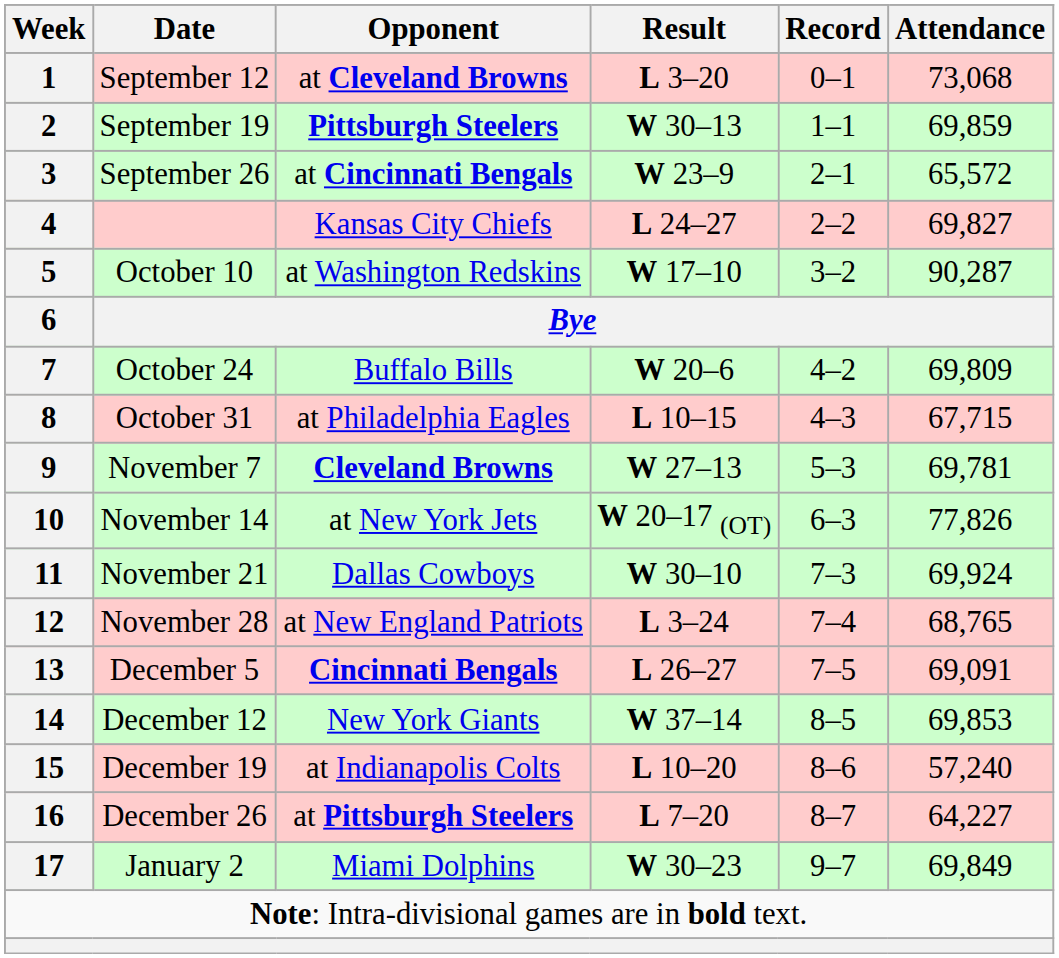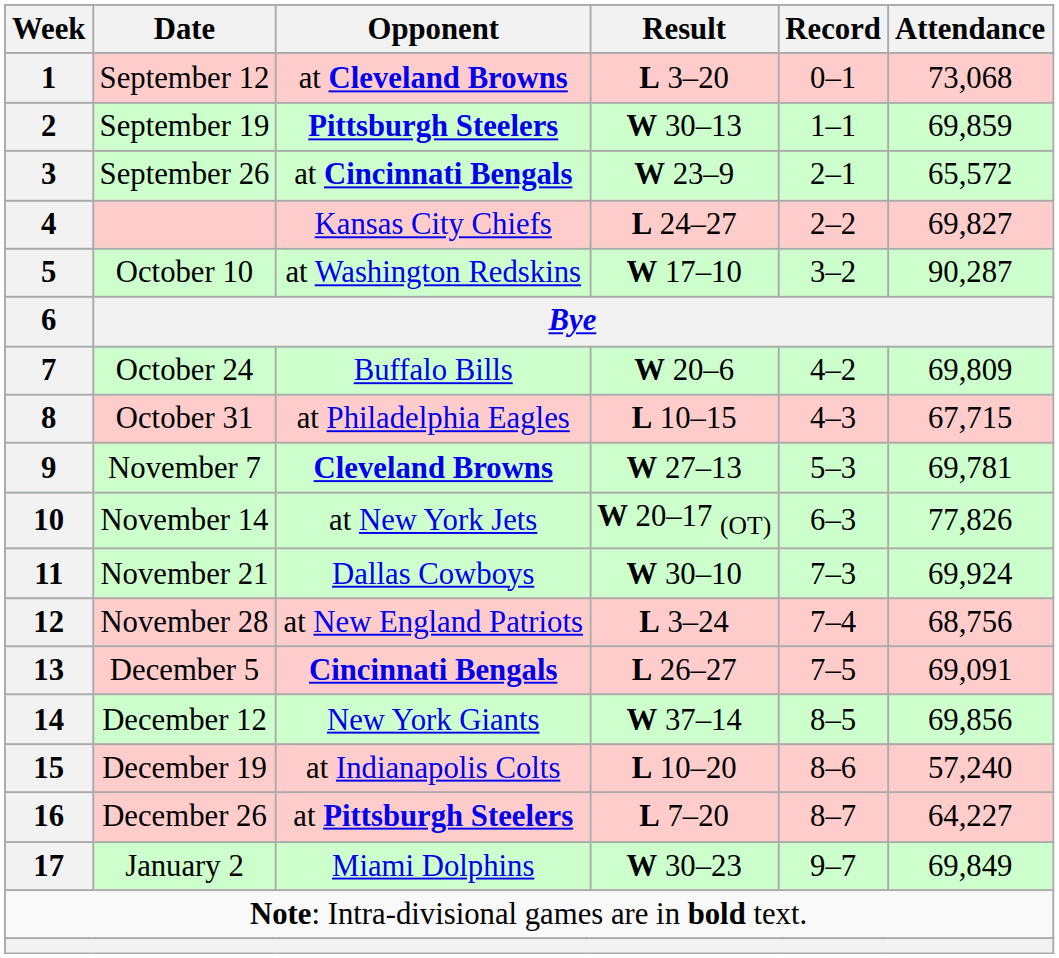 <table class="wikitable" style="text-align:center">
 <tr>
 <th>Week</th>
 <th>Date</th>
 <th>Opponent</th>
 <th>Result</th>
 <th>Record</th>
 <th>Attendance</th>
 </tr>
 <tr style="background: #fcc;">
 <th>1</th>
 <td>September 12</td>
 <td>at <strong><a href='#'>Cleveland Browns</a></strong></td>
 <td><strong>L</strong> 3–20</td>
 <td>0–1</td>
 <td>73,068</td>
 </tr>
 <tr style="background: #cfc;">
 <th>2</th>
 <td>September 19</td>
 <td><strong><a href='#'>Pittsburgh Steelers</a></strong></td>
 <td><strong>W</strong> 30–13</td>
 <td>1–1</td>
 <td>69,859</td>
 </tr>
 <tr style="background: #cfc;">
 <th>3</th>
 <td>September 26</td>
 <td>at <strong><a href='#'>Cincinnati Bengals</a></strong></td>
 <td><strong>W</strong> 23–9</td>
 <td>2–1</td>
 <td>65,572</td>
 </tr>
 <tr style="background: #fcc;">
 <th>4</th>
 <td></td>
 <td><a href='#'>Kansas City Chiefs</a></td>
 <td><strong>L</strong> 24–27</td>
 <td>2–2</td>
 <td>69,827</td>
 </tr>
 <tr style="background: #cfc;">
 <th>5</th>
 <td>October 10</td>
 <td>at <a href='#'>Washington Redskins</a></td>
 <td><strong>W</strong> 17–10</td>
 <td>3–2</td>
 <td>90,287</td>
 </tr>
 <tr>
 <th>6</th>
 <th colspan="5" align="center"><em><a href='#'>Bye</a></em></th>
 </tr>
 <tr style="background: #cfc;">
 <th>7</th>
 <td>October 24</td>
 <td><a href='#'>Buffalo Bills</a></td>
 <td><strong>W</strong> 20–6</td>
 <td>4–2</td>
 <td>69,809</td>
 </tr>
 <tr style="background: #fcc;">
 <th>8</th>
 <td>October 31</td>
 <td>at <a href='#'>Philadelphia Eagles</a></td>
 <td><strong>L</strong> 10–15</td>
 <td>4–3</td>
 <td>67,715</td>
 </tr>
 <tr style="background: #cfc;">
 <th>9</th>
 <td>November 7</td>
 <td><strong><a href='#'>Cleveland Browns</a></strong></td>
 <td><strong>W</strong> 27–13</td>
 <td>5–3</td>
 <td>69,781</td>
 </tr>
 <tr style="background: #cfc;">
 <th>10</th>
 <td>November 14</td>
 <td>at <a href='#'>New York Jets</a></td>
 <td><strong>W</strong> 20–17 <sub>(OT)</sub></td>
 <td>6–3</td>
 <td>77,826</td>
 </tr>
 <tr style="background: #cfc;">
 <th>11</th>
 <td>November 21</td>
 <td><a href='#'>Dallas Cowboys</a></td>
 <td><strong>W</strong> 30–10</td>
 <td>7–3</td>
 <td>69,924</td>
 </tr>
 <tr style="background: #fcc;">
 <th>12</th>
 <td>November 28</td>
 <td>at <a href='#'>New England Patriots</a></td>
 <td><strong>L</strong> 3–24</td>
 <td>7–4</td>
-<td>68,765</td>
+<td>68,756</td>
 </tr>
 <tr style="background: #fcc;">
 <th>13</th>
 <td>December 5</td>
 <td><strong><a href='#'>Cincinnati Bengals</a></strong></td>
 <td><strong>L</strong> 26–27</td>
 <td>7–5</td>
 <td>69,091</td>
 </tr>
 <tr style="background: #cfc;">
 <th>14</th>
 <td>December 12</td>
 <td><a href='#'>New York Giants</a></td>
 <td><strong>W</strong> 37–14</td>
 <td>8–5</td>
-<td>69,853</td>
+<td>69,856</td>
 </tr>
 <tr style="background: #fcc;">
 <th>15</th>
 <td>December 19</td>
 <td>at <a href='#'>Indianapolis Colts</a></td>
 <td><strong>L</strong> 10–20</td>
 <td>8–6</td>
 <td>57,240</td>
 </tr>
 <tr style="background: #fcc;">
 <th>16</th>
 <td>December 26</td>
 <td>at <strong><a href='#'>Pittsburgh Steelers</a></strong></td>
 <td><strong>L</strong> 7–20</td>
 <td>8–7</td>
 <td>64,227</td>
 </tr>
 <tr style="background: #cfc;">
 <th>17</th>
 <td>January 2</td>
 <td><a href='#'>Miami Dolphins</a></td>
 <td><strong>W</strong> 30–23</td>
 <td>9–7</td>
 <td>69,849</td>
 </tr>
 <tr>
 <td colspan="6"><strong>Note</strong>: Intra-divisional games are in <strong>bold</strong> text.</td>
 </tr>
 <tr>
 <th colspan="6"></th>
 </tr>
 </table>
